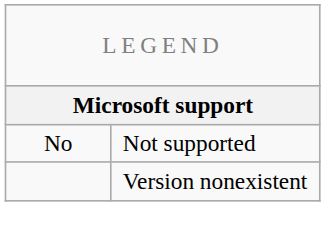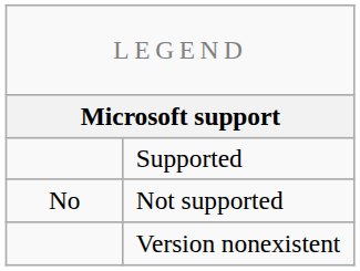 <table style="text-align:center; font-size:90%; margin: 1em 0 1em 1em" class="wikitable">
 <tr>
 <td colspan="2" style="color:gray; height:3em; letter-spacing:0.2em;">LEGEND</td>
 </tr>
 <tr>
 <th colspan="2">Microsoft support</th>
+</tr>
+<tr>
+<td></td>
+<td style="text-align:left; padding:0.2em 0.5em">Supported</td>
 </tr>
 <tr>
 <td style="width:4em;">No</td>
 <td style="text-align:left; padding:0.2em 0.5em">Not supported</td>
 </tr>
 <tr>
 <td></td>
 <td style="text-align:left; padding:0.2em 0.5em">Version nonexistent</td>
 </tr>
 </table>
